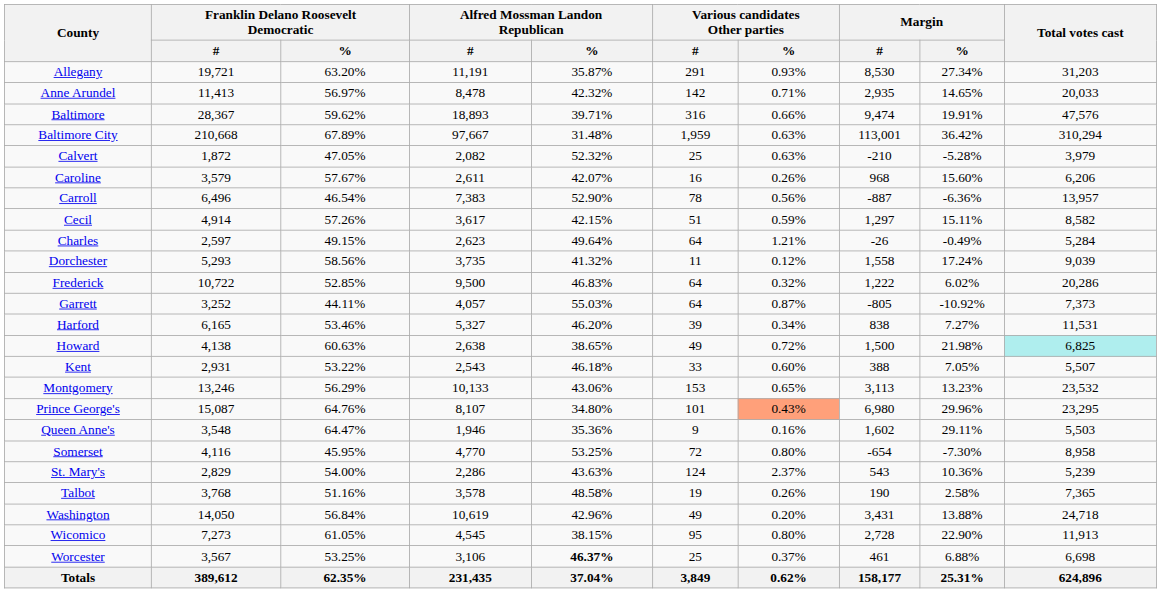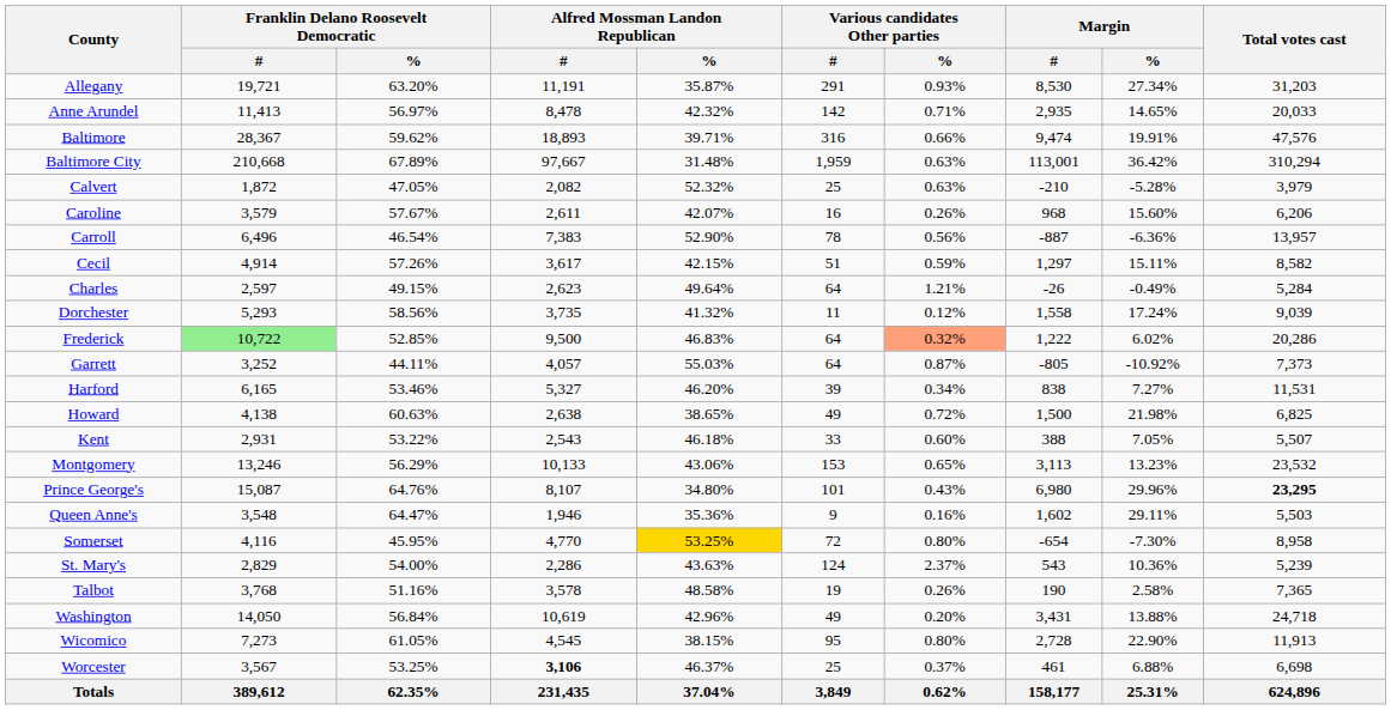 <table width="70%"  class="wikitable sortable" style="text-align:center">
 <tr>
 <th style="text-align:center;" rowspan="2">County</th>
 <th style="text-align:center;" colspan="2">Franklin Delano Roosevelt<br>Democratic</th>
 <th style="text-align:center;" colspan="2">Alfred Mossman Landon<br>Republican</th>
 <th style="text-align:center;" colspan="2">Various candidates<br>Other parties</th>
 <th style="text-align:center;" colspan="2">Margin</th>
 <th style="text-align:center;" rowspan="2">Total votes cast</th>
 </tr>
 <tr>
 <th style="text-align:center;" data-sort-type="number">#</th>
 <th style="text-align:center;" data-sort-type="number">%</th>
 <th style="text-align:center;" data-sort-type="number">#</th>
 <th style="text-align:center;" data-sort-type="number">%</th>
 <th style="text-align:center;" data-sort-type="number">#</th>
 <th style="text-align:center;" data-sort-type="number">%</th>
 <th style="text-align:center;" data-sort-type="number">#</th>
 <th style="text-align:center;" data-sort-type="number">%</th>
 </tr>
 <tr style="text-align:center;">
 <td><a href='#'>Allegany</a></td>
 <td>19,721</td>
 <td>63.20%</td>
 <td>11,191</td>
 <td>35.87%</td>
 <td>291</td>
 <td>0.93%</td>
 <td>8,530</td>
 <td>27.34%</td>
 <td>31,203</td>
 </tr>
 <tr style="text-align:center;">
 <td><a href='#'>Anne Arundel</a></td>
 <td>11,413</td>
 <td>56.97%</td>
 <td>8,478</td>
 <td>42.32%</td>
 <td>142</td>
 <td>0.71%</td>
 <td>2,935</td>
 <td>14.65%</td>
 <td>20,033</td>
 </tr>
 <tr style="text-align:center;">
 <td><a href='#'>Baltimore</a></td>
 <td>28,367</td>
 <td>59.62%</td>
 <td>18,893</td>
 <td>39.71%</td>
 <td>316</td>
 <td>0.66%</td>
 <td>9,474</td>
 <td>19.91%</td>
 <td>47,576</td>
 </tr>
 <tr style="text-align:center;">
 <td><a href='#'>Baltimore City</a></td>
 <td>210,668</td>
 <td>67.89%</td>
 <td>97,667</td>
 <td>31.48%</td>
 <td>1,959</td>
 <td>0.63%</td>
 <td>113,001</td>
 <td>36.42%</td>
 <td>310,294</td>
 </tr>
 <tr style="text-align:center;">
 <td><a href='#'>Calvert</a></td>
 <td>1,872</td>
 <td>47.05%</td>
 <td>2,082</td>
 <td>52.32%</td>
 <td>25</td>
 <td>0.63%</td>
 <td>-210</td>
 <td>-5.28%</td>
 <td>3,979</td>
 </tr>
 <tr style="text-align:center;">
 <td><a href='#'>Caroline</a></td>
 <td>3,579</td>
 <td>57.67%</td>
 <td>2,611</td>
 <td>42.07%</td>
 <td>16</td>
 <td>0.26%</td>
 <td>968</td>
 <td>15.60%</td>
 <td>6,206</td>
 </tr>
 <tr style="text-align:center;">
 <td><a href='#'>Carroll</a></td>
 <td>6,496</td>
 <td>46.54%</td>
 <td>7,383</td>
 <td>52.90%</td>
 <td>78</td>
 <td>0.56%</td>
 <td>-887</td>
 <td>-6.36%</td>
 <td>13,957</td>
 </tr>
 <tr style="text-align:center;">
 <td><a href='#'>Cecil</a></td>
 <td>4,914</td>
 <td>57.26%</td>
 <td>3,617</td>
 <td>42.15%</td>
 <td>51</td>
 <td>0.59%</td>
 <td>1,297</td>
 <td>15.11%</td>
 <td>8,582</td>
 </tr>
 <tr style="text-align:center;">
 <td><a href='#'>Charles</a></td>
 <td>2,597</td>
 <td>49.15%</td>
 <td>2,623</td>
 <td>49.64%</td>
 <td>64</td>
 <td>1.21%</td>
 <td>-26</td>
 <td>-0.49%</td>
 <td>5,284</td>
 </tr>
 <tr style="text-align:center;">
 <td><a href='#'>Dorchester</a></td>
 <td>5,293</td>
 <td>58.56%</td>
 <td>3,735</td>
 <td>41.32%</td>
 <td>11</td>
 <td>0.12%</td>
 <td>1,558</td>
 <td>17.24%</td>
 <td>9,039</td>
 </tr>
 <tr style="text-align:center;">
 <td><a href='#'>Frederick</a></td>
-<td>10,722</td>
+<td style="background: lightgreen;">10,722</td>
 <td>52.85%</td>
 <td>9,500</td>
 <td>46.83%</td>
 <td>64</td>
-<td>0.32%</td>
+<td style="background: lightsalmon;">0.32%</td>
 <td>1,222</td>
 <td>6.02%</td>
 <td>20,286</td>
 </tr>
 <tr style="text-align:center;">
 <td><a href='#'>Garrett</a></td>
 <td>3,252</td>
 <td>44.11%</td>
 <td>4,057</td>
 <td>55.03%</td>
 <td>64</td>
 <td>0.87%</td>
 <td>-805</td>
 <td>-10.92%</td>
 <td>7,373</td>
 </tr>
 <tr style="text-align:center;">
 <td><a href='#'>Harford</a></td>
 <td>6,165</td>
 <td>53.46%</td>
 <td>5,327</td>
 <td>46.20%</td>
 <td>39</td>
 <td>0.34%</td>
 <td>838</td>
 <td>7.27%</td>
 <td>11,531</td>
 </tr>
 <tr style="text-align:center;">
 <td><a href='#'>Howard</a></td>
 <td>4,138</td>
 <td>60.63%</td>
 <td>2,638</td>
 <td>38.65%</td>
 <td>49</td>
 <td>0.72%</td>
 <td>1,500</td>
 <td>21.98%</td>
-<td style="background: paleturquoise;">6,825</td>
+<td>6,825</td>
 </tr>
 <tr style="text-align:center;">
 <td><a href='#'>Kent</a></td>
 <td>2,931</td>
 <td>53.22%</td>
 <td>2,543</td>
 <td>46.18%</td>
 <td>33</td>
 <td>0.60%</td>
 <td>388</td>
 <td>7.05%</td>
 <td>5,507</td>
 </tr>
 <tr style="text-align:center;">
 <td><a href='#'>Montgomery</a></td>
 <td>13,246</td>
 <td>56.29%</td>
 <td>10,133</td>
 <td>43.06%</td>
 <td>153</td>
 <td>0.65%</td>
 <td>3,113</td>
 <td>13.23%</td>
 <td>23,532</td>
 </tr>
 <tr style="text-align:center;">
 <td><a href='#'>Prince George's</a></td>
 <td>15,087</td>
 <td>64.76%</td>
 <td>8,107</td>
 <td>34.80%</td>
 <td>101</td>
-<td style="background: lightsalmon;">0.43%</td>
+<td>0.43%</td>
 <td>6,980</td>
 <td>29.96%</td>
-<td>23,295</td>
+<td><strong>23,295</strong></td>
 </tr>
 <tr style="text-align:center;">
 <td><a href='#'>Queen Anne's</a></td>
 <td>3,548</td>
 <td>64.47%</td>
 <td>1,946</td>
 <td>35.36%</td>
 <td>9</td>
 <td>0.16%</td>
 <td>1,602</td>
 <td>29.11%</td>
 <td>5,503</td>
 </tr>
 <tr style="text-align:center;">
 <td><a href='#'>Somerset</a></td>
 <td>4,116</td>
 <td>45.95%</td>
 <td>4,770</td>
-<td>53.25%</td>
+<td style="background: gold;">53.25%</td>
 <td>72</td>
 <td>0.80%</td>
 <td>-654</td>
 <td>-7.30%</td>
 <td>8,958</td>
 </tr>
 <tr style="text-align:center;">
 <td><a href='#'>St. Mary's</a></td>
 <td>2,829</td>
 <td>54.00%</td>
 <td>2,286</td>
 <td>43.63%</td>
 <td>124</td>
 <td>2.37%</td>
 <td>543</td>
 <td>10.36%</td>
 <td>5,239</td>
 </tr>
 <tr style="text-align:center;">
 <td><a href='#'>Talbot</a></td>
 <td>3,768</td>
 <td>51.16%</td>
 <td>3,578</td>
 <td>48.58%</td>
 <td>19</td>
 <td>0.26%</td>
 <td>190</td>
 <td>2.58%</td>
 <td>7,365</td>
 </tr>
 <tr style="text-align:center;">
 <td><a href='#'>Washington</a></td>
 <td>14,050</td>
 <td>56.84%</td>
 <td>10,619</td>
 <td>42.96%</td>
 <td>49</td>
 <td>0.20%</td>
 <td>3,431</td>
 <td>13.88%</td>
 <td>24,718</td>
 </tr>
 <tr style="text-align:center;">
 <td><a href='#'>Wicomico</a></td>
 <td>7,273</td>
 <td>61.05%</td>
 <td>4,545</td>
 <td>38.15%</td>
 <td>95</td>
 <td>0.80%</td>
 <td>2,728</td>
 <td>22.90%</td>
 <td>11,913</td>
 </tr>
 <tr style="text-align:center;">
 <td><a href='#'>Worcester</a></td>
 <td>3,567</td>
 <td>53.25%</td>
-<td>3,106</td>
-<td><strong>46.37%</strong></td>
+<td><strong>3,106</strong></td>
+<td>46.37%</td>
 <td>25</td>
 <td>0.37%</td>
 <td>461</td>
 <td>6.88%</td>
 <td>6,698</td>
 </tr>
 <tr style="text-align:center;">
 <th>Totals</th>
 <th>389,612</th>
 <th>62.35%</th>
 <th>231,435</th>
 <th>37.04%</th>
 <th>3,849</th>
 <th>0.62%</th>
 <th>158,177</th>
 <th>25.31%</th>
 <th>624,896</th>
 </tr>
 </table>
